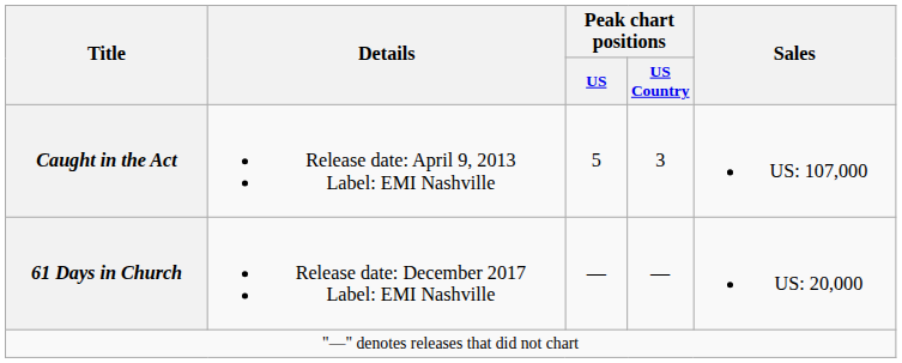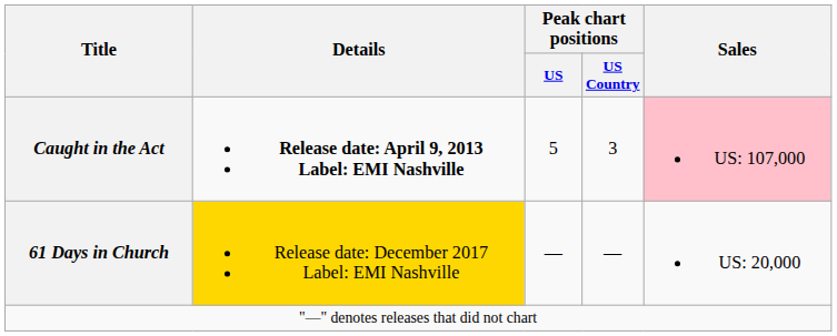 <table class="wikitable plainrowheaders" style="text-align:center;">
 <tr>
 <th scope="col" rowspan="2" style="width:10em">Title</th>
 <th scope="col" rowspan="2" style="width:18em;">Details</th>
 <th scope="col" colspan="2">Peak chart<br>positions</th>
 <th scope="col" rowspan="2" style="width:10em;">Sales</th>
 </tr>
 <tr style="font-size:smaller;">
 <th scope="col" style="width:45px;"><a href='#'>US</a><br></th>
 <th scope="col" style="width:45px;"><a href='#'>US Country</a><br></th>
 </tr>
 <tr>
 <th scope="row"><em>Caught in the Act</em></th>
-<td><br><ul><li>Release date: April 9, 2013</li><li>Label: EMI Nashville</li></ul></td>
+<td><strong><br><ul><li>Release date: April 9, 2013</li><li>Label: EMI Nashville</li></ul></strong></td>
 <td>5</td>
 <td>3</td>
-<td><br><ul><li>US: 107,000</li></ul></td>
+<td style="background: pink;"><br><ul><li>US: 107,000</li></ul></td>
 </tr>
 <tr>
 <th scope="row"><em>61 Days in Church</em></th>
-<td><br><ul><li>Release date: December 2017</li><li>Label: EMI Nashville</li></ul></td>
+<td style="background: gold;"><br><ul><li>Release date: December 2017</li><li>Label: EMI Nashville</li></ul></td>
 <td>—</td>
 <td>—</td>
 <td><br><ul><li>US: 20,000</li></ul></td>
 </tr>
 <tr>
 <td colspan="9" style="font-size:85%">"—" denotes releases that did not chart</td>
 </tr>
 </table>
